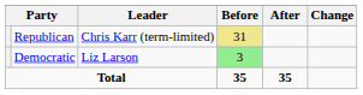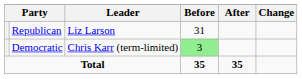 <table class="wikitable" style="text-align:center;">
 <tr>
 </tr>
 <tr>
 <th colspan="2">Party</th>
 <th>Leader</th>
 <th style="width:3em">Before</th>
 <th style="width:3em">After</th>
 <th style="width:3em">Change</th>
 </tr>
 <tr>
 <th style="background-color:"></th>
 <td style="text-align:left;"><a href='#'>Republican</a></td>
-<td style="text-align:left;"><a href='#'>Chris Karr</a> (term-limited)</td>
-<td style="background: khaki;">31</td>
+<td style="text-align:left;"><a href='#'>Liz Larson</a></td>
+<td>31</td>
 <td></td>
 <td></td>
 </tr>
 <tr>
 <th style="background-color:"></th>
 <td style="text-align:left;"><a href='#'>Democratic</a></td>
-<td style="text-align:left;"><a href='#'>Liz Larson</a></td>
+<td style="text-align:left;"><a href='#'>Chris Karr</a> (term-limited)</td>
 <td style="background: lightgreen;">3</td>
 <td></td>
 <td></td>
 </tr>
 <tr>
 <td colspan="3"><strong>Total</strong></td>
 <td><strong>35</strong></td>
 <td><strong>35</strong></td>
 <td></td>
 </tr>
 </table>
